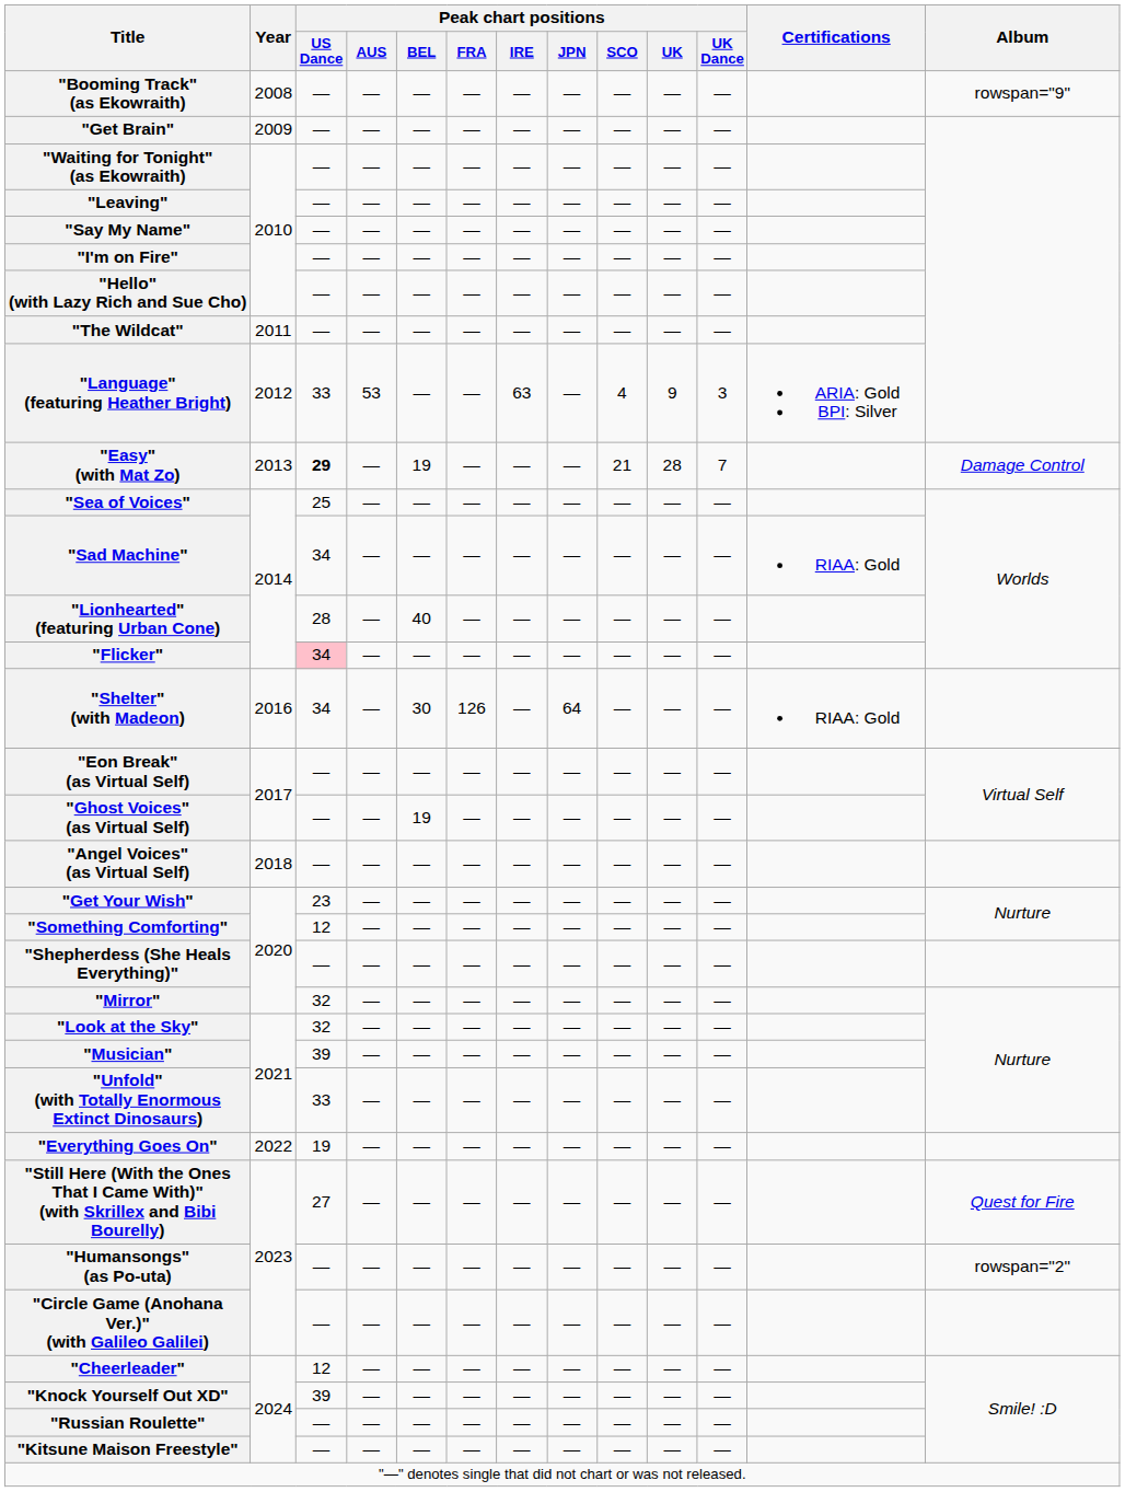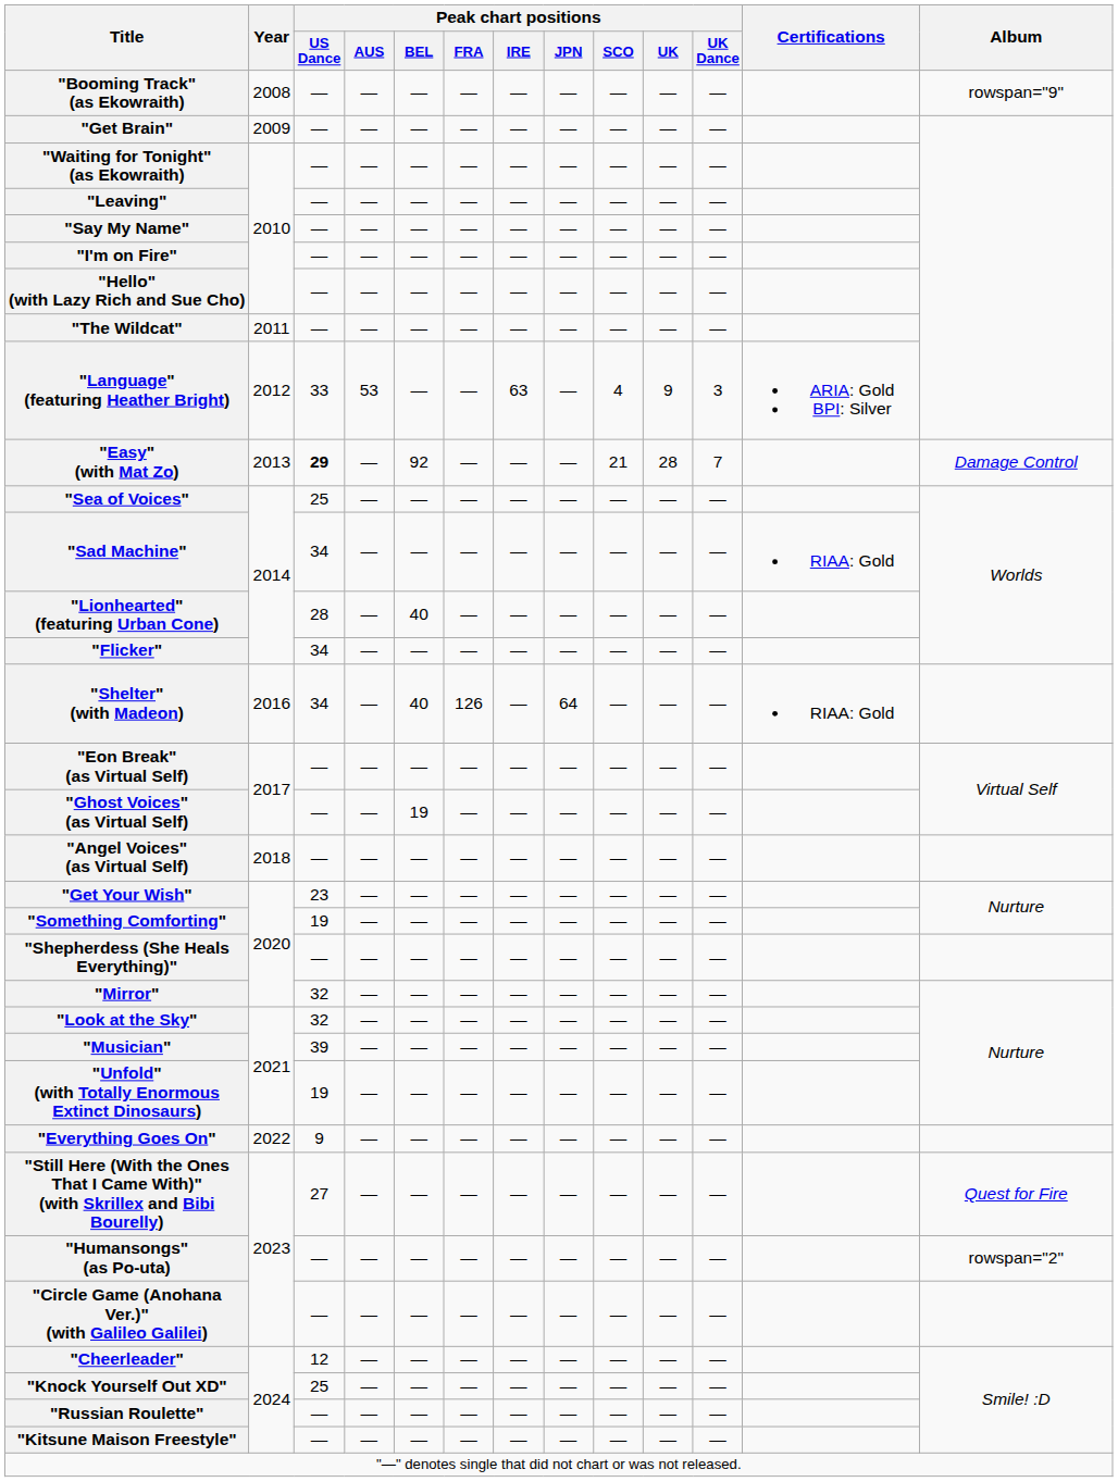 <table class="wikitable plainrowheaders" style="text-align:center;">
 <tr>
 <th scope="col" rowspan="2" style="width:14em">Title</th>
 <th scope="col" rowspan="2">Year</th>
 <th scope="col" colspan="9">Peak chart positions</th>
 <th scope="col" rowspan="2" style="width:10em;"><a href='#'>Certifications</a></th>
 <th scope="col" rowspan="2" style="width:11em">Album</th>
 </tr>
 <tr>
 <th scope="col" style="width:3em;font-size:85%;"><a href='#'>US<br>Dance</a><br></th>
 <th scope="col" style="width:3em;font-size:85%;"><a href='#'>AUS</a><br></th>
 <th scope="col" style="width:3em;font-size:85%;"><a href='#'>BEL</a><br></th>
 <th scope="col" style="width:3em;font-size:85%;"><a href='#'>FRA</a><br></th>
 <th scope="col" style="width:3em;font-size:85%;"><a href='#'>IRE</a><br></th>
 <th scope="col" style="width:3em;font-size:85%;"><a href='#'>JPN</a><br></th>
 <th scope="col" style="width:3em;font-size:85%;"><a href='#'>SCO</a><br></th>
 <th scope="col" style="width:3em;font-size:85%;"><a href='#'>UK</a><br></th>
 <th scope="col" style="width:3em;font-size:85%;"><a href='#'>UK<br>Dance</a><br></th>
 </tr>
 <tr>
 <th scope="row">"Booming Track"<br><span>(as Ekowraith)</span></th>
 <td>2008</td>
 <td>—</td>
 <td>—</td>
 <td>—</td>
 <td>—</td>
 <td>—</td>
 <td>—</td>
 <td>—</td>
 <td>—</td>
 <td>—</td>
 <td></td>
 <td>rowspan="9" </td>
 </tr>
 <tr>
 <th scope="row">"Get Brain"</th>
 <td>2009</td>
 <td>—</td>
 <td>—</td>
 <td>—</td>
 <td>—</td>
 <td>—</td>
 <td>—</td>
 <td>—</td>
 <td>—</td>
 <td>—</td>
 <td></td>
 </tr>
 <tr>
 <th scope="row">"Waiting for Tonight"<br><span>(as Ekowraith)</span></th>
 <td rowspan="5">2010</td>
 <td>—</td>
 <td>—</td>
 <td>—</td>
 <td>—</td>
 <td>—</td>
 <td>—</td>
 <td>—</td>
 <td>—</td>
 <td>—</td>
 <td></td>
 </tr>
 <tr>
 <th scope="row">"Leaving"</th>
 <td>—</td>
 <td>—</td>
 <td>—</td>
 <td>—</td>
 <td>—</td>
 <td>—</td>
 <td>—</td>
 <td>—</td>
 <td>—</td>
 <td></td>
 </tr>
 <tr>
 <th scope="row">"Say My Name"</th>
 <td>—</td>
 <td>—</td>
 <td>—</td>
 <td>—</td>
 <td>—</td>
 <td>—</td>
 <td>—</td>
 <td>—</td>
 <td>—</td>
 <td></td>
 </tr>
 <tr>
 <th scope="row">"I'm on Fire"</th>
 <td>—</td>
 <td>—</td>
 <td>—</td>
 <td>—</td>
 <td>—</td>
 <td>—</td>
 <td>—</td>
 <td>—</td>
 <td>—</td>
 <td></td>
 </tr>
 <tr>
 <th scope="row">"Hello"<br><span>(with Lazy Rich and Sue Cho)</span></th>
 <td>—</td>
 <td>—</td>
 <td>—</td>
 <td>—</td>
 <td>—</td>
 <td>—</td>
 <td>—</td>
 <td>—</td>
 <td>—</td>
 <td></td>
 </tr>
 <tr>
 <th scope="row">"The Wildcat"</th>
 <td>2011</td>
 <td>—</td>
 <td>—</td>
 <td>—</td>
 <td>—</td>
 <td>—</td>
 <td>—</td>
 <td>—</td>
 <td>—</td>
 <td>—</td>
 <td></td>
 </tr>
 <tr>
 <th scope="row">"<a href='#'>Language</a>"<br><span>(featuring <a href='#'>Heather Bright</a>)</span></th>
 <td>2012</td>
 <td>33</td>
 <td>53</td>
 <td>—</td>
 <td>—</td>
 <td>63</td>
 <td>—</td>
 <td>4</td>
 <td>9</td>
 <td>3</td>
 <td><br><ul><li><a href='#'>ARIA</a>: Gold</li><li><a href='#'>BPI</a>: Silver</li></ul></td>
 </tr>
 <tr>
 <th scope="row">"<a href='#'>Easy</a>"<br><span>(with <a href='#'>Mat Zo</a>)</span></th>
 <td>2013</td>
 <td><strong>29</strong></td>
 <td>—</td>
-<td>19</td>
+<td>92</td>
 <td>—</td>
 <td>—</td>
 <td>—</td>
 <td>21</td>
 <td>28</td>
 <td>7</td>
 <td></td>
 <td><em><a href='#'>Damage Control</a></em></td>
 </tr>
 <tr>
 <th scope="row">"<a href='#'>Sea of Voices</a>"</th>
 <td rowspan="4">2014</td>
 <td>25</td>
 <td>—</td>
 <td>—</td>
 <td>—</td>
 <td>—</td>
 <td>—</td>
 <td>—</td>
 <td>—</td>
 <td>—</td>
 <td></td>
 <td rowspan="4"><em>Worlds</em></td>
 </tr>
 <tr>
 <th scope="row">"<a href='#'>Sad Machine</a>"</th>
 <td>34</td>
 <td>—</td>
 <td>—</td>
 <td>—</td>
 <td>—</td>
 <td>—</td>
 <td>—</td>
 <td>—</td>
 <td>—</td>
 <td><br><ul><li><a href='#'>RIAA</a>: Gold</li></ul></td>
 </tr>
 <tr>
 <th scope="row">"<a href='#'>Lionhearted</a>"<br><span>(featuring <a href='#'>Urban Cone</a>)</span></th>
 <td>28</td>
 <td>—</td>
 <td>40</td>
 <td>—</td>
 <td>—</td>
 <td>—</td>
 <td>—</td>
 <td>—</td>
 <td>—</td>
 <td></td>
 </tr>
 <tr>
 <th scope="row">"<a href='#'>Flicker</a>"</th>
-<td style="background: pink;">34</td>
+<td>34</td>
 <td>—</td>
 <td>—</td>
 <td>—</td>
 <td>—</td>
 <td>—</td>
 <td>—</td>
 <td>—</td>
 <td>—</td>
 <td></td>
 </tr>
 <tr>
 <th scope="row">"<a href='#'>Shelter</a>"<br><span>(with <a href='#'>Madeon</a>)</span></th>
 <td>2016</td>
 <td>34</td>
 <td>—</td>
-<td>30</td>
+<td>40</td>
 <td>126</td>
 <td>—</td>
 <td>64</td>
 <td>—</td>
 <td>—</td>
 <td>—</td>
 <td><br><ul><li>RIAA: Gold</li></ul></td>
 <td></td>
 </tr>
 <tr>
 <th scope="row">"Eon Break"<br><span>(as Virtual Self)</span></th>
 <td rowspan="2">2017</td>
 <td>—</td>
 <td>—</td>
 <td>—</td>
 <td>—</td>
 <td>—</td>
 <td>—</td>
 <td>—</td>
 <td>—</td>
 <td>—</td>
 <td></td>
 <td rowspan="2"><em>Virtual Self</em></td>
 </tr>
 <tr>
 <th scope="row">"<a href='#'>Ghost Voices</a>"<br><span>(as Virtual Self)</span></th>
 <td>—</td>
 <td>—</td>
 <td>19</td>
 <td>—</td>
 <td>—</td>
 <td>—</td>
 <td>—</td>
 <td>—</td>
 <td>—</td>
 <td></td>
 </tr>
 <tr>
 <th scope="row">"Angel Voices"<br><span>(as Virtual Self)</span></th>
 <td>2018</td>
 <td>—</td>
 <td>—</td>
 <td>—</td>
 <td>—</td>
 <td>—</td>
 <td>—</td>
 <td>—</td>
 <td>—</td>
 <td>—</td>
 <td></td>
 <td></td>
 </tr>
 <tr>
 <th scope="row">"<a href='#'>Get Your Wish</a>"</th>
 <td rowspan="4">2020</td>
 <td>23</td>
 <td>—</td>
 <td>—</td>
 <td>—</td>
 <td>—</td>
 <td>—</td>
 <td>—</td>
 <td>—</td>
 <td>—</td>
 <td></td>
 <td rowspan="2"><em>Nurture</em></td>
 </tr>
 <tr>
 <th scope="row">"<a href='#'>Something Comforting</a>"</th>
-<td>12</td>
+<td>19</td>
 <td>—</td>
 <td>—</td>
 <td>—</td>
 <td>—</td>
 <td>—</td>
 <td>—</td>
 <td>—</td>
 <td>—</td>
 <td></td>
 </tr>
 <tr>
 <th scope="row">"Shepherdess (She Heals Everything)"</th>
 <td>—</td>
 <td>—</td>
 <td>—</td>
 <td>—</td>
 <td>—</td>
 <td>—</td>
 <td>—</td>
 <td>—</td>
 <td>—</td>
 <td></td>
 <td></td>
 </tr>
 <tr>
 <th scope="row">"<a href='#'>Mirror</a>"</th>
 <td>32</td>
 <td>—</td>
 <td>—</td>
 <td>—</td>
 <td>—</td>
 <td>—</td>
 <td>—</td>
 <td>—</td>
 <td>—</td>
 <td></td>
 <td rowspan="4"><em>Nurture</em></td>
 </tr>
 <tr>
 <th scope="row">"<a href='#'>Look at the Sky</a>"</th>
 <td rowspan="3">2021</td>
 <td>32</td>
 <td>—</td>
 <td>—</td>
 <td>—</td>
 <td>—</td>
 <td>—</td>
 <td>—</td>
 <td>—</td>
 <td>—</td>
 <td></td>
 </tr>
 <tr>
 <th scope="row">"<a href='#'>Musician</a>"</th>
 <td>39</td>
 <td>—</td>
 <td>—</td>
 <td>—</td>
 <td>—</td>
 <td>—</td>
 <td>—</td>
 <td>—</td>
 <td>—</td>
 <td></td>
 </tr>
 <tr>
 <th scope="row">"<a href='#'>Unfold</a>"<br><span>(with <a href='#'>Totally Enormous Extinct Dinosaurs</a>)</span></th>
-<td>33</td>
+<td>19</td>
 <td>—</td>
 <td>—</td>
 <td>—</td>
 <td>—</td>
 <td>—</td>
 <td>—</td>
 <td>—</td>
 <td>—</td>
 <td></td>
 </tr>
 <tr>
 <th scope="row">"<a href='#'>Everything Goes On</a>"</th>
 <td>2022</td>
-<td>19</td>
+<td>9</td>
 <td>—</td>
 <td>—</td>
 <td>—</td>
 <td>—</td>
 <td>—</td>
 <td>—</td>
 <td>—</td>
 <td>—</td>
 <td></td>
 <td></td>
 </tr>
 <tr>
 <th scope="row">"Still Here (With the Ones That I Came With)"<br><span>(with <a href='#'>Skrillex</a> and <a href='#'>Bibi Bourelly</a>)</span></th>
 <td rowspan="3">2023</td>
 <td>27</td>
 <td>—</td>
 <td>—</td>
 <td>—</td>
 <td>—</td>
 <td>—</td>
 <td>—</td>
 <td>—</td>
 <td>—</td>
 <td></td>
 <td><em><a href='#'>Quest for Fire</a></em></td>
 </tr>
 <tr>
 <th scope="row">"Humansongs"<br><span>(as Po-uta)</span></th>
 <td>—</td>
 <td>—</td>
 <td>—</td>
 <td>—</td>
 <td>—</td>
 <td>—</td>
 <td>—</td>
 <td>—</td>
 <td>—</td>
 <td></td>
 <td>rowspan="2" </td>
 </tr>
 <tr>
 <th scope="row">"Circle Game (Anohana Ver.)"<br><span>(with <a href='#'>Galileo Galilei</a>)</span></th>
 <td>—</td>
 <td>—</td>
 <td>—</td>
 <td>—</td>
 <td>—</td>
 <td>—</td>
 <td>—</td>
 <td>—</td>
 <td>—</td>
 <td></td>
 </tr>
 <tr>
 <th scope="row">"<a href='#'>Cheerleader</a>"</th>
 <td rowspan="4">2024</td>
 <td>12</td>
 <td>—</td>
 <td>—</td>
 <td>—</td>
 <td>—</td>
 <td>—</td>
 <td>—</td>
 <td>—</td>
 <td>—</td>
 <td></td>
 <td rowspan="4"><em>Smile! :D</em></td>
 </tr>
 <tr>
 <th scope="row">"Knock Yourself Out XD"</th>
-<td>39</td>
+<td>25</td>
 <td>—</td>
 <td>—</td>
 <td>—</td>
 <td>—</td>
 <td>—</td>
 <td>—</td>
 <td>—</td>
 <td>—</td>
 <td></td>
 </tr>
 <tr>
 <th scope="row">"Russian Roulette"</th>
 <td>—</td>
 <td>—</td>
 <td>—</td>
 <td>—</td>
 <td>—</td>
 <td>—</td>
 <td>—</td>
 <td>—</td>
 <td>—</td>
 <td></td>
 </tr>
 <tr>
 <th scope="row">"Kitsune Maison Freestyle"</th>
 <td>—</td>
 <td>—</td>
 <td>—</td>
 <td>—</td>
 <td>—</td>
 <td>—</td>
 <td>—</td>
 <td>—</td>
 <td>—</td>
 <td></td>
 </tr>
 <tr>
 <td colspan="13" style="font-size:85%">"—" denotes single that did not chart or was not released.</td>
 </tr>
 </table>
